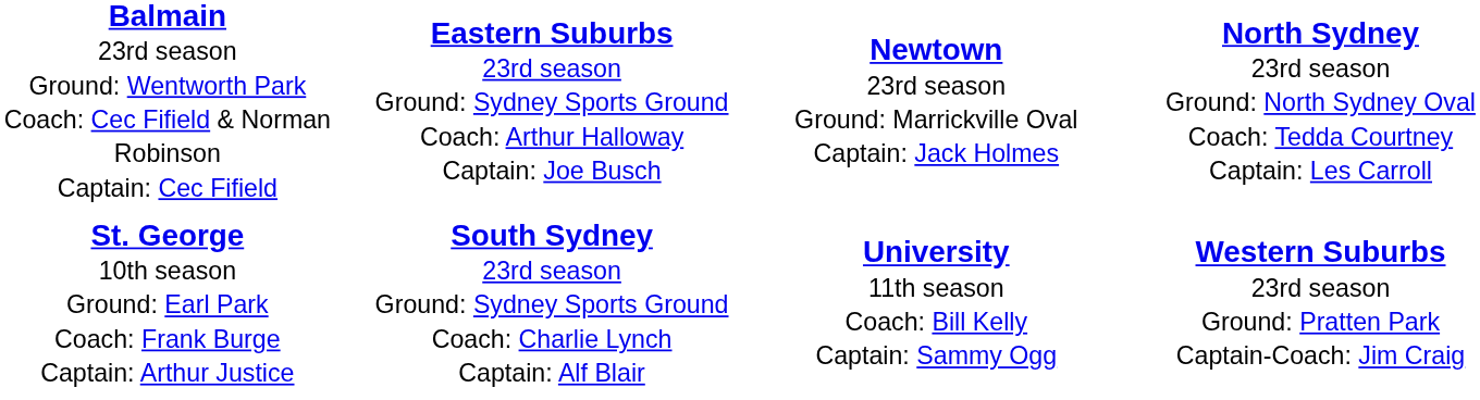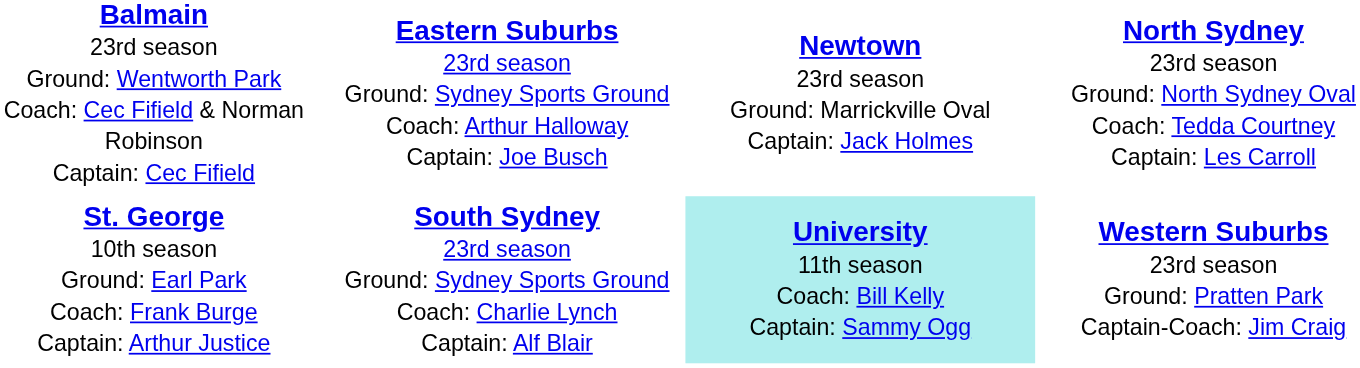 <table align="center" class="toccolours" style="text-valign: center;" cellpadding=3 cellspacing=2>
 <tr>
 <th width=195></th>
 <th width=195></th>
 <th width=195></th>
 <th width=195></th>
 </tr>
 <tr>
 <td align="center"><strong><a href='#'>Balmain</a></strong><br><small>23rd season<br>Ground: <a href='#'>Wentworth Park</a><br>Coach: <a href='#'>Cec Fifield</a> & Norman Robinson<br>Captain: <a href='#'>Cec Fifield</a></small></td>
 <td align="center"><strong><a href='#'>Eastern Suburbs</a></strong><br><small><a href='#'>23rd season</a><br>Ground: <a href='#'>Sydney Sports Ground</a><br>Coach: <a href='#'>Arthur Halloway</a><br>Captain: <a href='#'>Joe Busch</a></small></td>
 <td align="center"><strong><a href='#'>Newtown</a></strong><br><small>23rd season<br>Ground: Marrickville Oval<br>Captain: <a href='#'>Jack Holmes</a></small></td>
 <td align="center"><strong><a href='#'>North Sydney</a></strong><br><small>23rd season<br>Ground: <a href='#'>North Sydney Oval</a><br>Coach: <a href='#'>Tedda Courtney</a><br>Captain: <a href='#'>Les Carroll</a></small></td>
 </tr>
 <tr>
 <td align="center"><strong><a href='#'>St. George</a></strong><br><small>10th season<br>Ground: <a href='#'>Earl Park</a><br>Coach: <a href='#'>Frank Burge</a><br>Captain: <a href='#'>Arthur Justice</a></small></td>
 <td align="center"><strong><a href='#'>South Sydney</a></strong><br><small><a href='#'>23rd season</a><br>Ground: <a href='#'>Sydney Sports Ground</a><br>Coach: <a href='#'>Charlie Lynch</a><br>Captain: <a href='#'>Alf Blair</a></small></td>
-<td align="center"><strong><a href='#'>University</a></strong><br><small>11th season<br>Coach: <a href='#'>Bill Kelly</a><br>Captain: <a href='#'>Sammy Ogg</a></small></td>
+<td align="center" style="background: paleturquoise;"><strong><a href='#'>University</a></strong><br><small>11th season<br>Coach: <a href='#'>Bill Kelly</a><br>Captain: <a href='#'>Sammy Ogg</a></small></td>
 <td align="center"><strong><a href='#'>Western Suburbs</a></strong><br><small>23rd season<br>Ground: <a href='#'>Pratten Park</a><br>Captain-Coach: <a href='#'>Jim Craig</a></small></td>
 </tr>
 </table>
